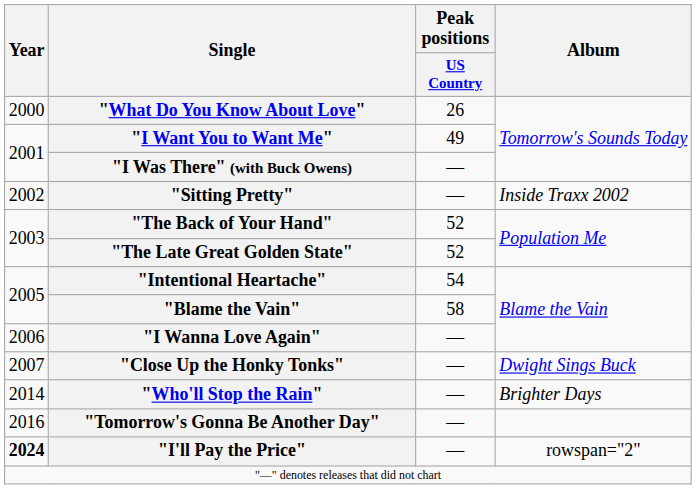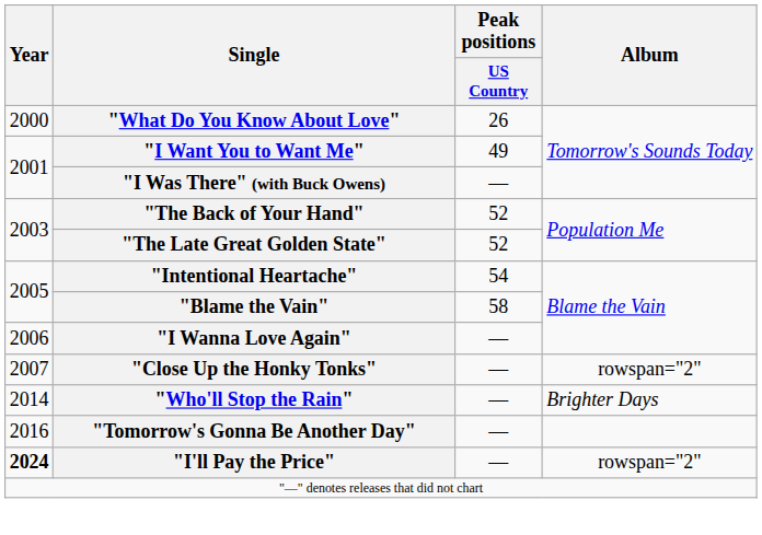 <table class="wikitable plainrowheaders" style="text-align:center;">
 <tr>
 <th rowspan="2">Year</th>
 <th rowspan="2" style="width:20em;">Single</th>
 <th>Peak positions</th>
 <th rowspan="2">Album</th>
 </tr>
 <tr style="font-size:smaller;">
 <th width="65"><a href='#'>US Country</a><br></th>
 </tr>
 <tr>
 <td>2000</td>
 <th scope="row">"<a href='#'>What Do You Know About Love</a>"</th>
 <td>26</td>
 <td align="left" rowspan="3"><em><a href='#'>Tomorrow's Sounds Today</a></em></td>
 </tr>
 <tr>
 <td rowspan="2">2001</td>
 <th scope="row">"<a href='#'>I Want You to Want Me</a>"</th>
 <td>49</td>
 </tr>
 <tr>
 <th scope="row">"I Was There" <small>(with Buck Owens)</small></th>
 <td>—</td>
-</tr>
-<tr>
-<td>2002</td>
-<th scope="row">"Sitting Pretty"</th>
-<td>—</td>
-<td align="left"><em>Inside Traxx 2002</em></td>
 </tr>
 <tr>
 <td rowspan="2">2003</td>
 <th scope="row">"The Back of Your Hand"</th>
 <td>52</td>
 <td align="left" rowspan="2"><em><a href='#'>Population Me</a></em></td>
 </tr>
 <tr>
 <th scope="row">"The Late Great Golden State"</th>
 <td>52</td>
 </tr>
 <tr>
 <td rowspan="2">2005</td>
 <th scope="row">"Intentional Heartache"</th>
 <td>54</td>
 <td align="left" rowspan="3"><em><a href='#'>Blame the Vain</a></em></td>
 </tr>
 <tr>
 <th scope="row">"Blame the Vain"</th>
 <td>58</td>
 </tr>
 <tr>
 <td>2006</td>
 <th scope="row">"I Wanna Love Again"</th>
 <td>—</td>
 </tr>
 <tr>
 <td>2007</td>
 <th scope="row">"Close Up the Honky Tonks"</th>
 <td>—</td>
-<td align="left"><em><a href='#'>Dwight Sings Buck</a></em></td>
+<td>rowspan="2" </td>
 </tr>
 <tr>
 <td>2014</td>
 <th scope="row">"<a href='#'>Who'll Stop the Rain</a>"</th>
 <td>—</td>
 <td align="left"><em>Brighter Days</em></td>
 </tr>
 <tr>
 <td>2016</td>
 <th scope="row">"Tomorrow's Gonna Be Another Day"</th>
 <td>—</td>
 </tr>
 <tr>
 <td><strong>2024</strong></td>
 <th scope="row">"I'll Pay the Price"</th>
 <td>—</td>
 <td>rowspan="2" </td>
 </tr>
 <tr>
 <td colspan="4" style="font-size:8pt">"—" denotes releases that did not chart</td>
 </tr>
 </table>
